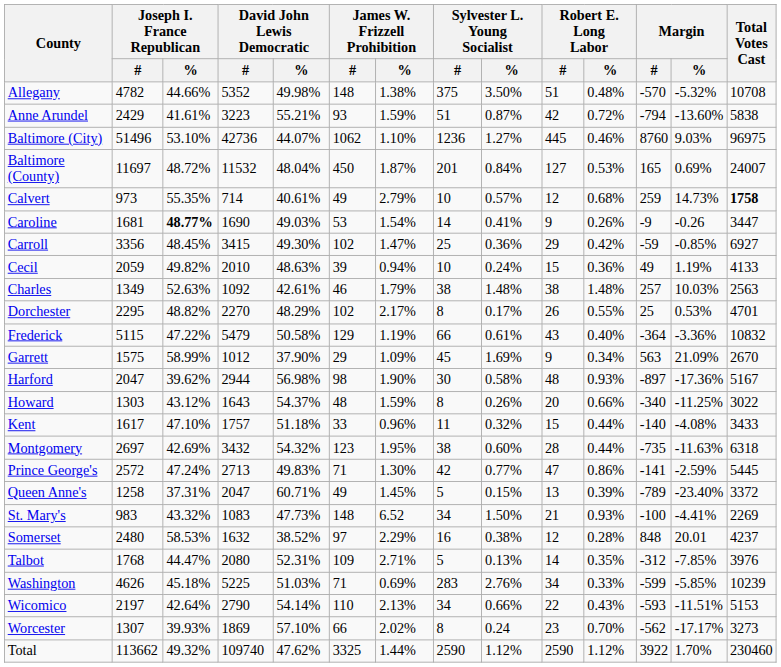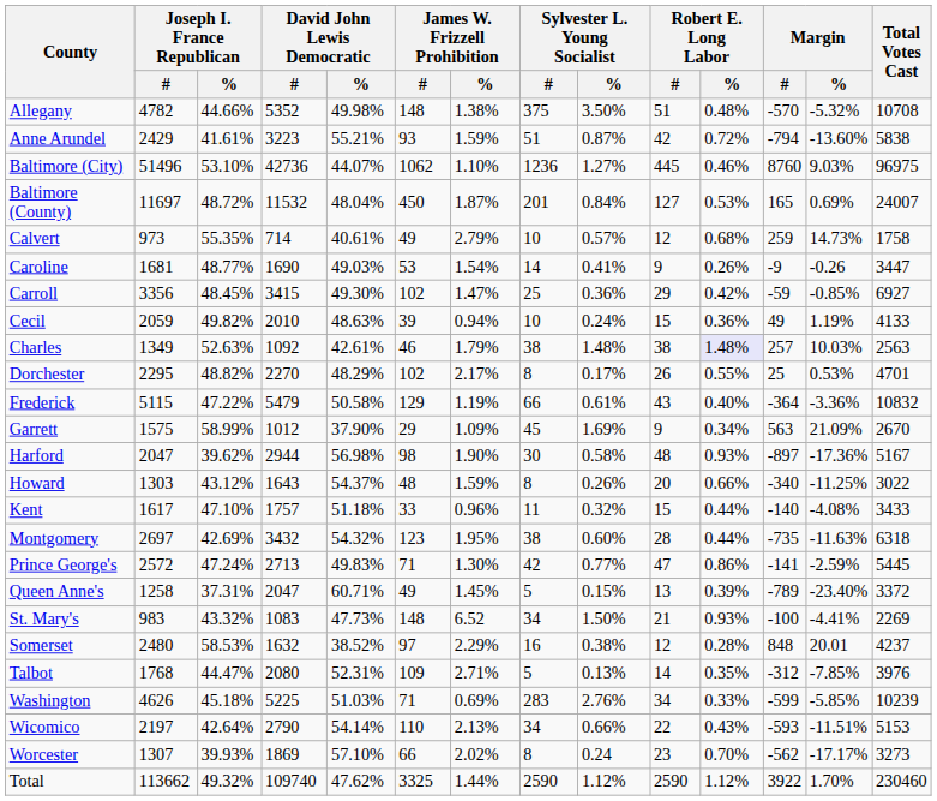 <table class="wikitable sortable">
 <tr>
 <th rowspan="2">County</th>
 <th colspan="2" >Joseph I. France<br>Republican</th>
 <th colspan="2" >David John Lewis<br>Democratic</th>
 <th colspan="2" >James W. Frizzell<br>Prohibition</th>
 <th colspan="2" >Sylvester L. Young<br>Socialist</th>
 <th colspan="2" >Robert E. Long<br>Labor</th>
 <th colspan="2">Margin</th>
 <th rowspan="2">Total<br>Votes<br>Cast</th>
 </tr>
 <tr>
 <th>#</th>
 <th>%</th>
 <th>#</th>
 <th>%</th>
 <th>#</th>
 <th>%</th>
 <th>#</th>
 <th>%</th>
 <th>#</th>
 <th>%</th>
 <th>#</th>
 <th>%</th>
 </tr>
 <tr>
 <td><a href='#'>Allegany</a></td>
 <td>4782</td>
 <td>44.66%</td>
 <td>5352</td>
 <td>49.98%</td>
 <td>148</td>
 <td>1.38%</td>
 <td>375</td>
 <td>3.50%</td>
 <td>51</td>
 <td>0.48%</td>
 <td>-570</td>
 <td>-5.32%</td>
 <td>10708</td>
 </tr>
 <tr>
 <td><a href='#'>Anne Arundel</a></td>
 <td>2429</td>
 <td>41.61%</td>
 <td>3223</td>
 <td>55.21%</td>
 <td>93</td>
 <td>1.59%</td>
 <td>51</td>
 <td>0.87%</td>
 <td>42</td>
 <td>0.72%</td>
 <td>-794</td>
 <td>-13.60%</td>
 <td>5838</td>
 </tr>
 <tr>
 <td><a href='#'>Baltimore (City)</a></td>
 <td>51496</td>
 <td>53.10%</td>
 <td>42736</td>
 <td>44.07%</td>
 <td>1062</td>
 <td>1.10%</td>
 <td>1236</td>
 <td>1.27%</td>
 <td>445</td>
 <td>0.46%</td>
 <td>8760</td>
 <td>9.03%</td>
 <td>96975</td>
 </tr>
 <tr>
 <td><a href='#'>Baltimore (County)</a></td>
 <td>11697</td>
 <td>48.72%</td>
 <td>11532</td>
 <td>48.04%</td>
 <td>450</td>
 <td>1.87%</td>
 <td>201</td>
 <td>0.84%</td>
 <td>127</td>
 <td>0.53%</td>
 <td>165</td>
 <td>0.69%</td>
 <td>24007</td>
 </tr>
 <tr>
 <td><a href='#'>Calvert</a></td>
 <td>973</td>
 <td>55.35%</td>
 <td>714</td>
 <td>40.61%</td>
 <td>49</td>
 <td>2.79%</td>
 <td>10</td>
 <td>0.57%</td>
 <td>12</td>
 <td>0.68%</td>
 <td>259</td>
 <td>14.73%</td>
-<td><strong>1758</strong></td>
+<td>1758</td>
 </tr>
 <tr>
 <td><a href='#'>Caroline</a></td>
 <td>1681</td>
-<td><strong>48.77%</strong></td>
+<td>48.77%</td>
 <td>1690</td>
 <td>49.03%</td>
 <td>53</td>
 <td>1.54%</td>
 <td>14</td>
 <td>0.41%</td>
 <td>9</td>
 <td>0.26%</td>
 <td>-9</td>
 <td>-0.26</td>
 <td>3447</td>
 </tr>
 <tr>
 <td><a href='#'>Carroll</a></td>
 <td>3356</td>
 <td>48.45%</td>
 <td>3415</td>
 <td>49.30%</td>
 <td>102</td>
 <td>1.47%</td>
 <td>25</td>
 <td>0.36%</td>
 <td>29</td>
 <td>0.42%</td>
 <td>-59</td>
 <td>-0.85%</td>
 <td>6927</td>
 </tr>
 <tr>
 <td><a href='#'>Cecil</a></td>
 <td>2059</td>
 <td>49.82%</td>
 <td>2010</td>
 <td>48.63%</td>
 <td>39</td>
 <td>0.94%</td>
 <td>10</td>
 <td>0.24%</td>
 <td>15</td>
 <td>0.36%</td>
 <td>49</td>
 <td>1.19%</td>
 <td>4133</td>
 </tr>
 <tr>
 <td><a href='#'>Charles</a></td>
 <td>1349</td>
 <td>52.63%</td>
 <td>1092</td>
 <td>42.61%</td>
 <td>46</td>
 <td>1.79%</td>
 <td>38</td>
 <td>1.48%</td>
 <td>38</td>
-<td>1.48%</td>
+<td style="background: lavender;">1.48%</td>
 <td>257</td>
 <td>10.03%</td>
 <td>2563</td>
 </tr>
 <tr>
 <td><a href='#'>Dorchester</a></td>
 <td>2295</td>
 <td>48.82%</td>
 <td>2270</td>
 <td>48.29%</td>
 <td>102</td>
 <td>2.17%</td>
 <td>8</td>
 <td>0.17%</td>
 <td>26</td>
 <td>0.55%</td>
 <td>25</td>
 <td>0.53%</td>
 <td>4701</td>
 </tr>
 <tr>
 <td><a href='#'>Frederick</a></td>
 <td>5115</td>
 <td>47.22%</td>
 <td>5479</td>
 <td>50.58%</td>
 <td>129</td>
 <td>1.19%</td>
 <td>66</td>
 <td>0.61%</td>
 <td>43</td>
 <td>0.40%</td>
 <td>-364</td>
 <td>-3.36%</td>
 <td>10832</td>
 </tr>
 <tr>
 <td><a href='#'>Garrett</a></td>
 <td>1575</td>
 <td>58.99%</td>
 <td>1012</td>
 <td>37.90%</td>
 <td>29</td>
 <td>1.09%</td>
 <td>45</td>
 <td>1.69%</td>
 <td>9</td>
 <td>0.34%</td>
 <td>563</td>
 <td>21.09%</td>
 <td>2670</td>
 </tr>
 <tr>
 <td><a href='#'>Harford</a></td>
 <td>2047</td>
 <td>39.62%</td>
 <td>2944</td>
 <td>56.98%</td>
 <td>98</td>
 <td>1.90%</td>
 <td>30</td>
 <td>0.58%</td>
 <td>48</td>
 <td>0.93%</td>
 <td>-897</td>
 <td>-17.36%</td>
 <td>5167</td>
 </tr>
 <tr>
 <td><a href='#'>Howard</a></td>
 <td>1303</td>
 <td>43.12%</td>
 <td>1643</td>
 <td>54.37%</td>
 <td>48</td>
 <td>1.59%</td>
 <td>8</td>
 <td>0.26%</td>
 <td>20</td>
 <td>0.66%</td>
 <td>-340</td>
 <td>-11.25%</td>
 <td>3022</td>
 </tr>
 <tr>
 <td><a href='#'>Kent</a></td>
 <td>1617</td>
 <td>47.10%</td>
 <td>1757</td>
 <td>51.18%</td>
 <td>33</td>
 <td>0.96%</td>
 <td>11</td>
 <td>0.32%</td>
 <td>15</td>
 <td>0.44%</td>
 <td>-140</td>
 <td>-4.08%</td>
 <td>3433</td>
 </tr>
 <tr>
 <td><a href='#'>Montgomery</a></td>
 <td>2697</td>
 <td>42.69%</td>
 <td>3432</td>
 <td>54.32%</td>
 <td>123</td>
 <td>1.95%</td>
 <td>38</td>
 <td>0.60%</td>
 <td>28</td>
 <td>0.44%</td>
 <td>-735</td>
 <td>-11.63%</td>
 <td>6318</td>
 </tr>
 <tr>
 <td><a href='#'>Prince George's</a></td>
 <td>2572</td>
 <td>47.24%</td>
 <td>2713</td>
 <td>49.83%</td>
 <td>71</td>
 <td>1.30%</td>
 <td>42</td>
 <td>0.77%</td>
 <td>47</td>
 <td>0.86%</td>
 <td>-141</td>
 <td>-2.59%</td>
 <td>5445</td>
 </tr>
 <tr>
 <td><a href='#'>Queen Anne's</a></td>
 <td>1258</td>
 <td>37.31%</td>
 <td>2047</td>
 <td>60.71%</td>
 <td>49</td>
 <td>1.45%</td>
 <td>5</td>
 <td>0.15%</td>
 <td>13</td>
 <td>0.39%</td>
 <td>-789</td>
 <td>-23.40%</td>
 <td>3372</td>
 </tr>
 <tr>
 <td><a href='#'>St. Mary's</a></td>
 <td>983</td>
 <td>43.32%</td>
 <td>1083</td>
 <td>47.73%</td>
 <td>148</td>
 <td>6.52</td>
 <td>34</td>
 <td>1.50%</td>
 <td>21</td>
 <td>0.93%</td>
 <td>-100</td>
 <td>-4.41%</td>
 <td>2269</td>
 </tr>
 <tr>
 <td><a href='#'>Somerset</a></td>
 <td>2480</td>
 <td>58.53%</td>
 <td>1632</td>
 <td>38.52%</td>
 <td>97</td>
 <td>2.29%</td>
 <td>16</td>
 <td>0.38%</td>
 <td>12</td>
 <td>0.28%</td>
 <td>848</td>
 <td>20.01</td>
 <td>4237</td>
 </tr>
 <tr>
 <td><a href='#'>Talbot</a></td>
 <td>1768</td>
 <td>44.47%</td>
 <td>2080</td>
 <td>52.31%</td>
 <td>109</td>
 <td>2.71%</td>
 <td>5</td>
 <td>0.13%</td>
 <td>14</td>
 <td>0.35%</td>
 <td>-312</td>
 <td>-7.85%</td>
 <td>3976</td>
 </tr>
 <tr>
 <td><a href='#'>Washington</a></td>
 <td>4626</td>
 <td>45.18%</td>
 <td>5225</td>
 <td>51.03%</td>
 <td>71</td>
 <td>0.69%</td>
 <td>283</td>
 <td>2.76%</td>
 <td>34</td>
 <td>0.33%</td>
 <td>-599</td>
 <td>-5.85%</td>
 <td>10239</td>
 </tr>
 <tr>
 <td><a href='#'>Wicomico</a></td>
 <td>2197</td>
 <td>42.64%</td>
 <td>2790</td>
 <td>54.14%</td>
 <td>110</td>
 <td>2.13%</td>
 <td>34</td>
 <td>0.66%</td>
 <td>22</td>
 <td>0.43%</td>
 <td>-593</td>
 <td>-11.51%</td>
 <td>5153</td>
 </tr>
 <tr>
 <td><a href='#'>Worcester</a></td>
 <td>1307</td>
 <td>39.93%</td>
 <td>1869</td>
 <td>57.10%</td>
 <td>66</td>
 <td>2.02%</td>
 <td>8</td>
 <td>0.24</td>
 <td>23</td>
 <td>0.70%</td>
 <td>-562</td>
 <td>-17.17%</td>
 <td>3273</td>
 </tr>
 <tr>
 <td>Total</td>
 <td>113662</td>
 <td>49.32%</td>
 <td>109740</td>
 <td>47.62%</td>
 <td>3325</td>
 <td>1.44%</td>
 <td>2590</td>
 <td>1.12%</td>
 <td>2590</td>
 <td>1.12%</td>
 <td>3922</td>
 <td>1.70%</td>
 <td>230460</td>
 </tr>
 </table>
